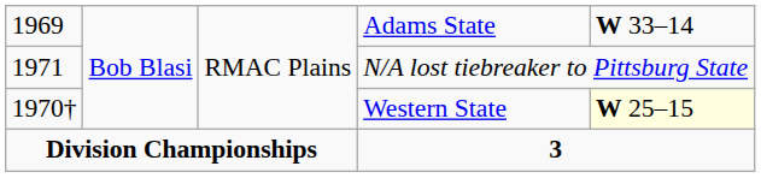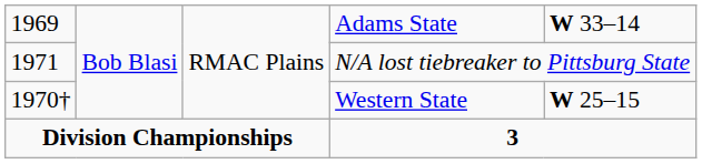 <table class="wikitable">
 <tr>
 <td>1969</td>
 <td rowspan="3"><a href='#'>Bob Blasi</a></td>
 <td rowspan="3">RMAC Plains</td>
 <td><a href='#'>Adams State</a></td>
 <td><strong>W</strong> 33–14</td>
 </tr>
 <tr>
 <td>1971</td>
 <td colspan=2><em>N/A lost tiebreaker to <a href='#'>Pittsburg State</a></em></td>
 </tr>
 <tr>
 <td>1970†</td>
 <td><a href='#'>Western State</a></td>
-<td style="background: lightyellow;"><strong>W</strong> 25–15</td>
+<td><strong>W</strong> 25–15</td>
 </tr>
 <tr align="center">
 <td colspan=3><strong>Division Championships</strong></td>
 <td colspan=3><strong>3</strong></td>
 </tr>
 </table>
